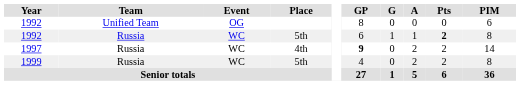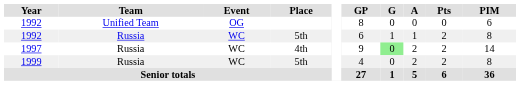 <table border="0" cellpadding="1" cellspacing="0" style="text-align:center; width:50em">
 <tr ALIGN="center" bgcolor="#e0e0e0">
 <th>Year</th>
 <th>Team</th>
 <th>Event</th>
 <th>Place</th>
 <th ALIGN="center" rowspan="99" bgcolor="#ffffff"> </th>
 <th>GP</th>
 <th>G</th>
 <th>A</th>
 <th>Pts</th>
 <th>PIM</th>
 </tr>
 <tr>
 <td><a href='#'>1992</a></td>
 <td><a href='#'>Unified Team</a></td>
 <td><a href='#'>OG</a></td>
 <td></td>
 <td>8</td>
 <td>0</td>
 <td>0</td>
 <td>0</td>
 <td>6</td>
 </tr>
 <tr bgcolor="#f0f0f0">
 <td><a href='#'>1992</a></td>
 <td><a href='#'>Russia</a></td>
 <td><a href='#'>WC</a></td>
 <td>5th</td>
 <td>6</td>
 <td>1</td>
 <td>1</td>
-<td><strong>2</strong></td>
+<td>2</td>
 <td>8</td>
 </tr>
 <tr>
 <td><a href='#'>1997</a></td>
 <td>Russia</td>
 <td>WC</td>
 <td>4th</td>
-<td><strong>9</strong></td>
-<td>0</td>
+<td>9</td>
+<td style="background: lightgreen;">0</td>
 <td>2</td>
 <td>2</td>
 <td>14</td>
 </tr>
 <tr bgcolor="#f0f0f0">
 <td><a href='#'>1999</a></td>
 <td>Russia</td>
 <td>WC</td>
 <td>5th</td>
 <td>4</td>
 <td>0</td>
 <td>2</td>
 <td>2</td>
 <td>8</td>
 </tr>
 <tr bgcolor="#e0e0e0">
 <th colspan=4>Senior totals</th>
 <th>27</th>
 <th>1</th>
 <th>5</th>
 <th>6</th>
 <th>36</th>
 </tr>
 </table>
